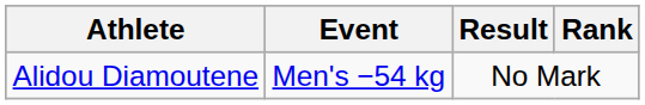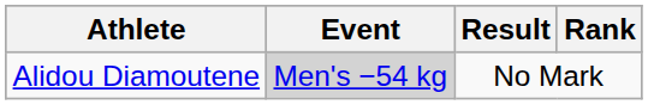 <table class="wikitable" style="font-size:90%">
 <tr>
 <th>Athlete</th>
 <th>Event</th>
 <th>Result</th>
 <th>Rank</th>
 </tr>
 <tr align=center>
 <td align=left><a href='#'>Alidou Diamoutene</a></td>
-<td align=left><a href='#'>Men's −54 kg</a></td>
+<td align=left style="background: lightgrey;"><a href='#'>Men's −54 kg</a></td>
 <td colspan=2>No Mark</td>
 </tr>
 </table>
